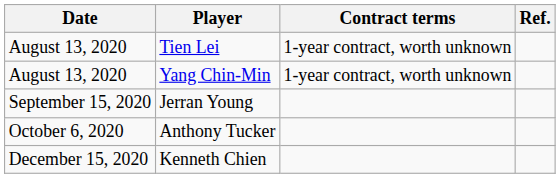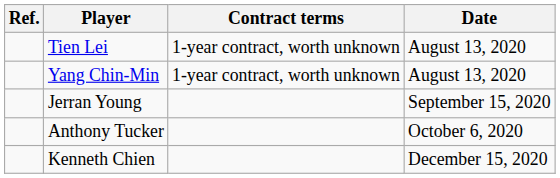 <table class="wikitable">
 <tr>
-<th>Date</th>
+<th>Ref.</th>
 <th>Player</th>
 <th>Contract terms</th>
-<th>Ref.</th>
+<th>Date</th>
 </tr>
 <tr>
-<td>August 13, 2020</td>
+<td></td>
 <td><a href='#'>Tien Lei</a></td>
 <td>1-year contract, worth unknown</td>
-<td></td>
+<td>August 13, 2020</td>
 </tr>
 <tr>
-<td>August 13, 2020</td>
+<td></td>
 <td><a href='#'>Yang Chin-Min</a></td>
 <td>1-year contract, worth unknown</td>
-<td></td>
+<td>August 13, 2020</td>
 </tr>
 <tr>
-<td>September 15, 2020</td>
+<td></td>
 <td>Jerran Young</td>
 <td></td>
-<td></td>
+<td>September 15, 2020</td>
 </tr>
 <tr>
-<td>October 6, 2020</td>
+<td></td>
 <td>Anthony Tucker</td>
 <td></td>
-<td></td>
+<td>October 6, 2020</td>
 </tr>
 <tr>
-<td>December 15, 2020</td>
+<td></td>
 <td>Kenneth Chien</td>
 <td></td>
-<td></td>
+<td>December 15, 2020</td>
 </tr>
 </table>
